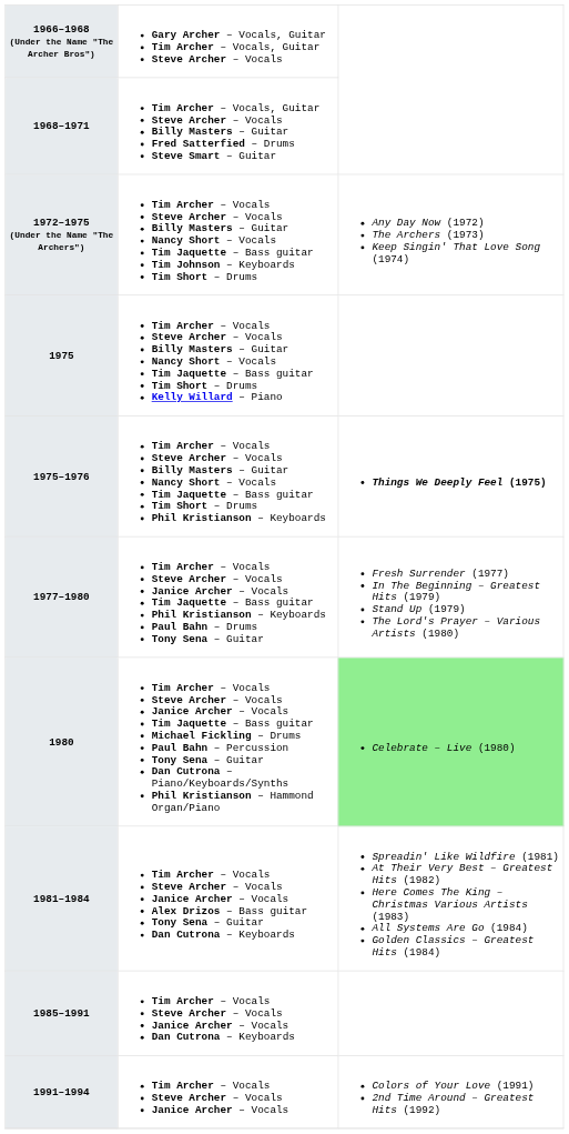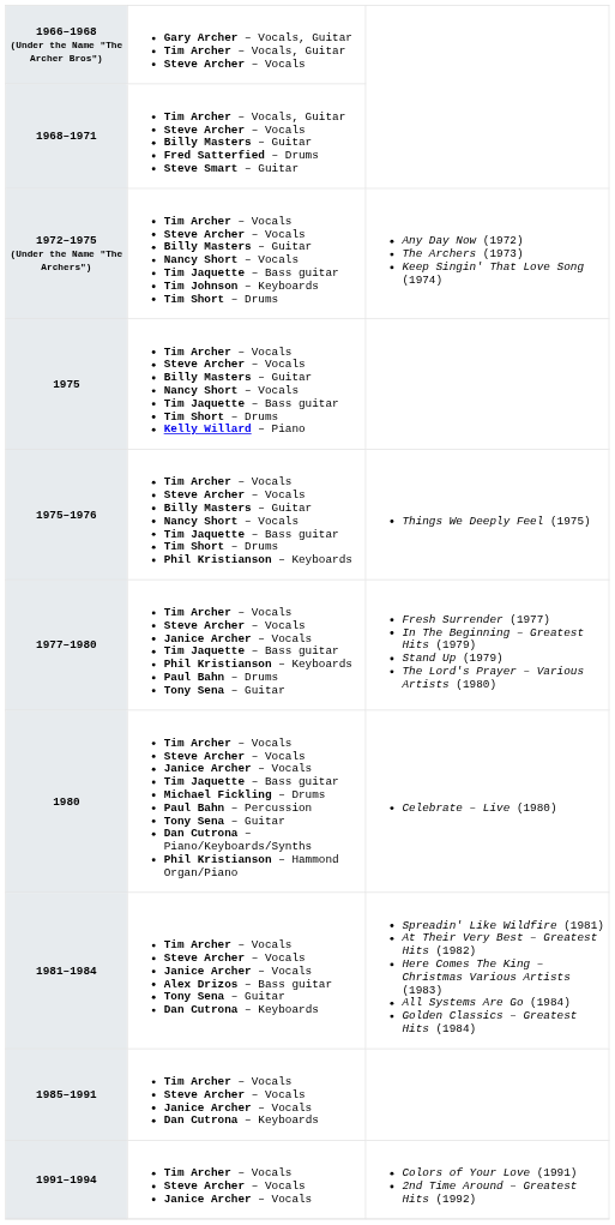 <table class="toccolours"  border=1 cellpadding=2 cellspacing=0 style="width: 700px; margin: 0 0 1em 1em; border-collapse: collapse; border: 1px solid #E2E2E2;">
 <tr>
 <th bgcolor="#E7EBEE">1966–1968<br><small>(Under the Name "The Archer Bros")</small></th>
 <td><br><ul><li><strong>Gary Archer</strong> – Vocals, Guitar</li><li><strong>Tim Archer</strong> – Vocals, Guitar</li><li><strong>Steve Archer</strong> – Vocals</li></ul></td>
 </tr>
 <tr>
 <th bgcolor="#E7EBEE">1968–1971</th>
 <td><br><ul><li><strong>Tim Archer</strong> – Vocals, Guitar</li><li><strong>Steve Archer</strong> – Vocals</li><li><strong>Billy Masters</strong> – Guitar</li><li><strong>Fred Satterfied</strong> – Drums</li><li><strong>Steve Smart</strong> – Guitar</li></ul></td>
 </tr>
 <tr>
 <th bgcolor="#E7EBEE">1972–1975<br><small>(Under the Name "The Archers")</small></th>
 <td><br><ul><li><strong>Tim Archer</strong> – Vocals</li><li><strong>Steve Archer</strong> – Vocals</li><li><strong>Billy Masters</strong> – Guitar</li><li><strong>Nancy Short</strong> – Vocals</li><li><strong>Tim Jaquette</strong> – Bass guitar</li><li><strong>Tim Johnson</strong> – Keyboards</li><li><strong>Tim Short</strong> – Drums</li></ul></td>
 <td><br><ul><li><em>Any Day Now</em> (1972)</li><li><em>The Archers</em> (1973)</li><li><em>Keep Singin' That Love Song</em> (1974)</li></ul></td>
 </tr>
 <tr>
 <th bgcolor="#E7EBEE">1975</th>
 <td><br><ul><li><strong>Tim Archer</strong> – Vocals</li><li><strong>Steve Archer</strong> – Vocals</li><li><strong>Billy Masters</strong> – Guitar</li><li><strong>Nancy Short</strong> – Vocals</li><li><strong>Tim Jaquette</strong> – Bass guitar</li><li><strong>Tim Short</strong> – Drums</li><li><strong><a href='#'>Kelly Willard</a></strong> – Piano</li></ul></td>
 </tr>
 <tr>
 <th bgcolor="#E7EBEE">1975–1976</th>
 <td><br><ul><li><strong>Tim Archer</strong> – Vocals</li><li><strong>Steve Archer</strong> – Vocals</li><li><strong>Billy Masters</strong> – Guitar</li><li><strong>Nancy Short</strong> – Vocals</li><li><strong>Tim Jaquette</strong> – Bass guitar</li><li><strong>Tim Short</strong> – Drums</li><li><strong>Phil Kristianson</strong> – Keyboards</li></ul></td>
-<td><strong><br><ul><li><em>Things We Deeply Feel</em> (1975)</li></ul></strong></td>
+<td><br><ul><li><em>Things We Deeply Feel</em> (1975)</li></ul></td>
 </tr>
 <tr>
 <th bgcolor="#E7EBEE">1977–1980</th>
 <td><br><ul><li><strong>Tim Archer</strong> – Vocals</li><li><strong>Steve Archer</strong> – Vocals</li><li><strong>Janice Archer</strong> – Vocals</li><li><strong>Tim Jaquette</strong> – Bass guitar</li><li><strong>Phil Kristianson</strong> – Keyboards</li><li><strong>Paul Bahn</strong> – Drums</li><li><strong>Tony Sena</strong> – Guitar</li></ul></td>
 <td><br><ul><li><em>Fresh Surrender</em> (1977)</li><li><em>In The Beginning – Greatest Hits</em> (1979)</li><li><em>Stand Up</em> (1979)</li><li><em>The Lord's Prayer – Various Artists</em> (1980)</li></ul></td>
 </tr>
 <tr>
 <th bgcolor="#E7EBEE">1980</th>
 <td><br><ul><li><strong>Tim Archer</strong> – Vocals</li><li><strong>Steve Archer</strong> – Vocals</li><li><strong>Janice Archer</strong> – Vocals</li><li><strong>Tim Jaquette</strong> – Bass guitar</li><li><strong>Michael Fickling</strong> – Drums</li><li><strong>Paul Bahn</strong> – Percussion</li><li><strong>Tony Sena</strong> – Guitar</li><li><strong>Dan Cutrona</strong> – Piano/Keyboards/Synths</li><li><strong>Phil Kristianson</strong> – Hammond Organ/Piano</li></ul></td>
-<td style="background: lightgreen;"><br><ul><li><em> Celebrate – Live</em> (1980)</li></ul></td>
+<td><br><ul><li><em> Celebrate – Live</em> (1980)</li></ul></td>
 </tr>
 <tr>
 <th bgcolor="#E7EBEE">1981–1984</th>
 <td><br><ul><li><strong>Tim Archer</strong> – Vocals</li><li><strong>Steve Archer</strong> – Vocals</li><li><strong>Janice Archer</strong> – Vocals</li><li><strong>Alex Drizos</strong> – Bass guitar</li><li><strong>Tony Sena</strong> – Guitar</li><li><strong>Dan Cutrona</strong> – Keyboards</li></ul></td>
 <td><br><ul><li><em>Spreadin' Like Wildfire</em> (1981)</li><li><em>At Their Very Best – Greatest Hits</em> (1982)</li><li><em>Here Comes The King – Christmas Various Artists</em> (1983)</li><li><em>All Systems Are Go</em> (1984)</li><li><em>Golden Classics – Greatest Hits</em> (1984)</li></ul></td>
 </tr>
 <tr>
 <th bgcolor="#E7EBEE">1985–1991</th>
 <td><br><ul><li><strong>Tim Archer</strong> – Vocals</li><li><strong>Steve Archer</strong> – Vocals</li><li><strong>Janice Archer</strong> – Vocals</li><li><strong>Dan Cutrona</strong> – Keyboards</li></ul></td>
 </tr>
 <tr>
 <th bgcolor="#E7EBEE">1991–1994</th>
 <td><br><ul><li><strong>Tim Archer</strong> – Vocals</li><li><strong>Steve Archer</strong> – Vocals</li><li><strong>Janice Archer</strong> – Vocals</li></ul></td>
 <td><br><ul><li><em>Colors of Your Love</em> (1991)</li><li><em>2nd Time Around – Greatest Hits</em> (1992)</li></ul></td>
 </tr>
 <tr>
 </tr>
 </table>
